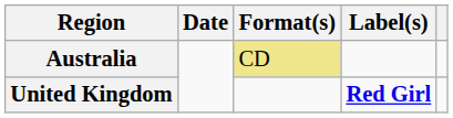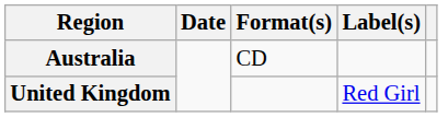 <table class="wikitable plainrowheaders">
 <tr>
 <th scope="col">Region</th>
 <th scope="col">Date</th>
 <th scope="col">Format(s)</th>
 <th scope="col">Label(s)</th>
 <th scope="col"></th>
 </tr>
 <tr>
 <th scope="row">Australia</th>
 <td rowspan="2"></td>
-<td style="background: khaki;">CD</td>
+<td>CD</td>
 <td></td>
 <td></td>
 </tr>
 <tr>
 <th scope="row">United Kingdom</th>
 <td></td>
-<td><strong><a href='#'>Red Girl</a></strong></td>
+<td><a href='#'>Red Girl</a></td>
 <td></td>
 </tr>
 </table>
